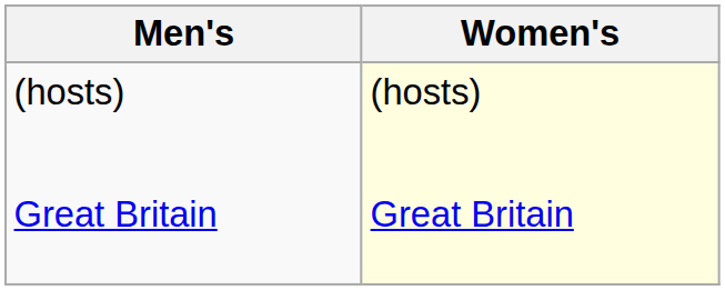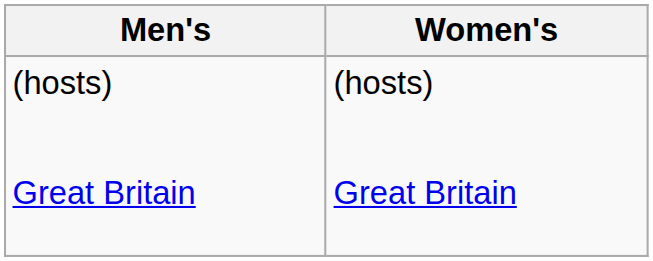 <table class=wikitable>
 <tr>
 <th width="150">Men's</th>
 <th width="150">Women's</th>
 </tr>
 <tr>
 <td> (hosts)<br><br><br> <a href='#'>Great Britain</a><br><br></td>
-<td style="background: lightyellow;"> (hosts)<br><br><br> <a href='#'>Great Britain</a><br><br></td>
+<td> (hosts)<br><br><br> <a href='#'>Great Britain</a><br><br></td>
 </tr>
 </table>
